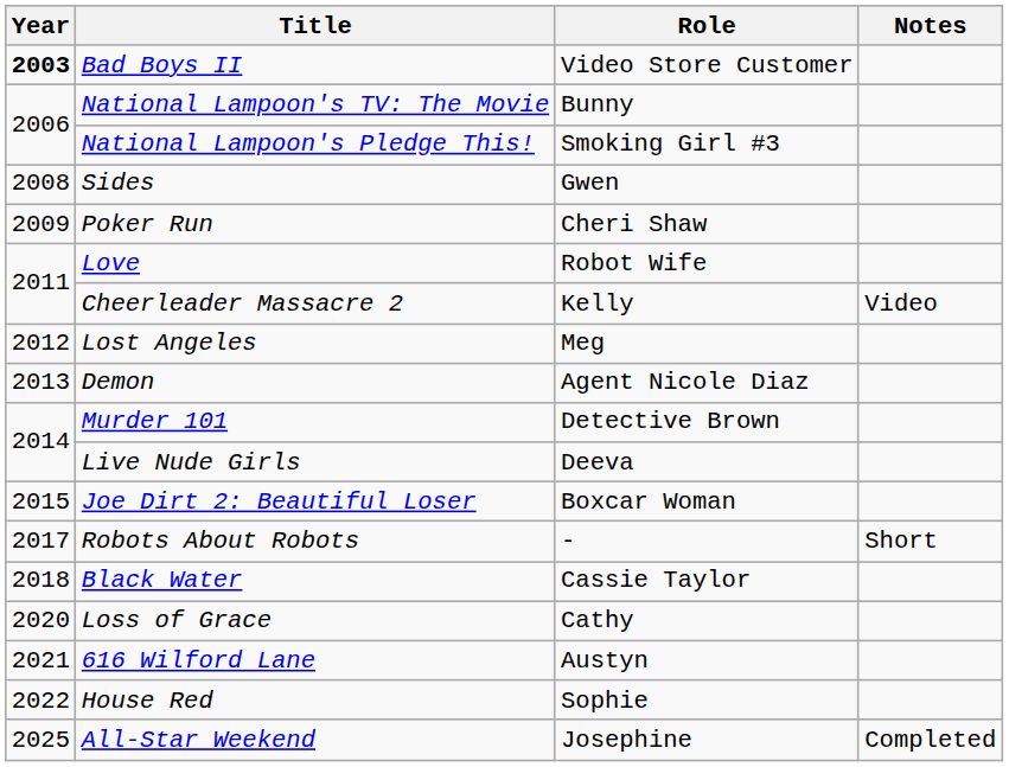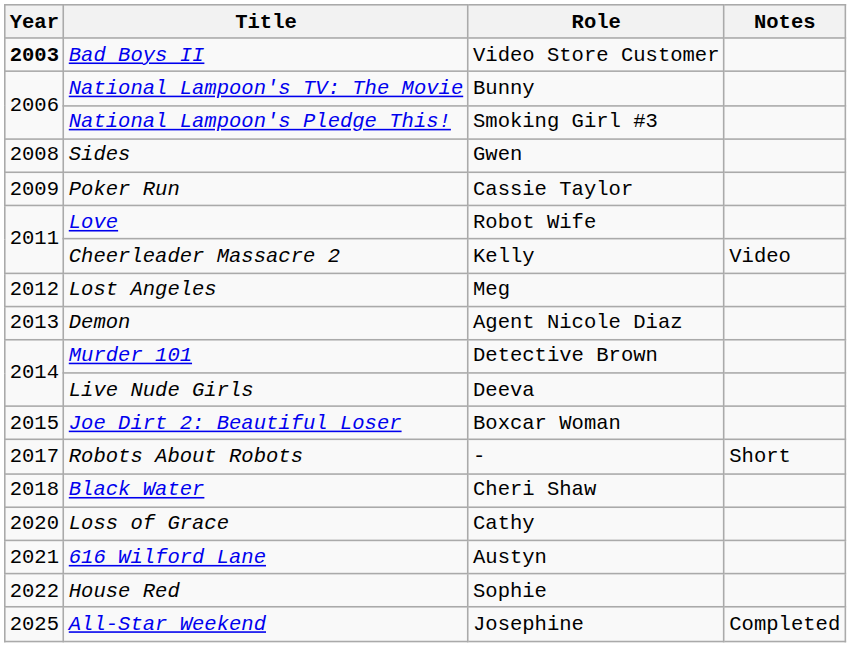 <table class="wikitable sortable">
 <tr>
 <th>Year</th>
 <th>Title</th>
 <th>Role</th>
 <th>Notes</th>
 </tr>
 <tr>
 <td><strong>2003</strong></td>
 <td><em><a href='#'>Bad Boys II</a></em></td>
 <td>Video Store Customer</td>
 <td></td>
 </tr>
 <tr>
 <td rowspan="2">2006</td>
 <td><em><a href='#'>National Lampoon's TV: The Movie</a></em></td>
 <td>Bunny</td>
 <td></td>
 </tr>
 <tr>
 <td><em><a href='#'>National Lampoon's Pledge This!</a></em></td>
 <td>Smoking Girl #3</td>
 <td></td>
 </tr>
 <tr>
 <td>2008</td>
 <td><em>Sides</em></td>
 <td>Gwen</td>
 <td></td>
 </tr>
 <tr>
 <td>2009</td>
 <td><em>Poker Run</em></td>
-<td>Cheri Shaw</td>
+<td>Cassie Taylor</td>
 <td></td>
 </tr>
 <tr>
 <td rowspan="2">2011</td>
 <td><em><a href='#'>Love</a></em></td>
 <td>Robot Wife</td>
 <td></td>
 </tr>
 <tr>
 <td><em>Cheerleader Massacre 2</em></td>
 <td>Kelly</td>
 <td>Video</td>
 </tr>
 <tr>
 <td>2012</td>
 <td><em>Lost Angeles</em></td>
 <td>Meg</td>
 <td></td>
 </tr>
 <tr>
 <td>2013</td>
 <td><em>Demon</em></td>
 <td>Agent Nicole Diaz</td>
 <td></td>
 </tr>
 <tr>
 <td rowspan="2">2014</td>
 <td><em><a href='#'>Murder 101</a></em></td>
 <td>Detective Brown</td>
 <td></td>
 </tr>
 <tr>
 <td><em>Live Nude Girls</em></td>
 <td>Deeva</td>
 <td></td>
 </tr>
 <tr>
 <td>2015</td>
 <td><em><a href='#'>Joe Dirt 2: Beautiful Loser</a></em></td>
 <td>Boxcar Woman</td>
 <td></td>
 </tr>
 <tr>
 <td>2017</td>
 <td><em>Robots About Robots</em></td>
 <td>-</td>
 <td>Short</td>
 </tr>
 <tr>
 <td>2018</td>
 <td><em><a href='#'>Black Water</a></em></td>
-<td>Cassie Taylor</td>
+<td>Cheri Shaw</td>
 <td></td>
 </tr>
 <tr>
 <td>2020</td>
 <td><em>Loss of Grace</em></td>
 <td>Cathy</td>
 <td></td>
 </tr>
 <tr>
 <td>2021</td>
 <td><em><a href='#'>616 Wilford Lane</a></em></td>
 <td>Austyn</td>
 <td></td>
 </tr>
 <tr>
 <td>2022</td>
 <td><em>House Red</em></td>
 <td>Sophie</td>
 <td></td>
 </tr>
 <tr>
 <td>2025</td>
 <td><em><a href='#'>All-Star Weekend</a></em></td>
 <td>Josephine</td>
 <td>Completed</td>
 </tr>
 </table>
